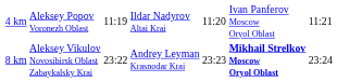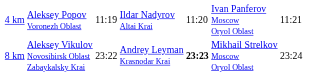 <table>
 <tr>
 <td><a href='#'>4 km</a></td>
 <td><a href='#'>Aleksey Popov</a> <br> <small><a href='#'>Voronezh Oblast</a></small></td>
 <td>11:19</td>
 <td><a href='#'>Ildar Nadyrov</a> <br> <small><a href='#'>Altai Krai</a></small></td>
 <td>11:20</td>
 <td><a href='#'>Ivan Panferov</a> <br> <small><a href='#'>Moscow</a></small> <br> <small><a href='#'>Oryol Oblast</a></small></td>
 <td>11:21</td>
 </tr>
 <tr>
 <td><a href='#'>8 km</a></td>
 <td><a href='#'>Aleksey Vikulov</a> <br> <small><a href='#'>Novosibirsk Oblast</a></small><br> <small><a href='#'>Zabaykalsky Krai</a></small></td>
 <td>23:22</td>
 <td><a href='#'>Andrey Leyman</a> <br> <small><a href='#'>Krasnodar Krai</a></small></td>
-<td>23:23</td>
-<td><strong><a href='#'>Mikhail Strelkov</a> <br> <small><a href='#'>Moscow</a></small><br> <small><a href='#'>Oryol Oblast</a></small></strong></td>
+<td><strong>23:23</strong></td>
+<td><a href='#'>Mikhail Strelkov</a> <br> <small><a href='#'>Moscow</a></small><br> <small><a href='#'>Oryol Oblast</a></small></td>
 <td>23:24</td>
 </tr>
 </table>
